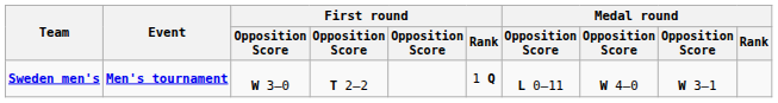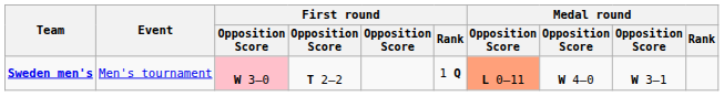 <table class="wikitable" style="font-size:90%">
 <tr>
 <th rowspan=2>Team</th>
 <th rowspan=2>Event</th>
 <th colspan=4>First round</th>
 <th colspan=4>Medal round</th>
 </tr>
 <tr style="font-size:95%">
 <th>Opposition<br>Score</th>
 <th>Opposition<br>Score</th>
 <th>Opposition<br>Score</th>
 <th>Rank</th>
 <th>Opposition<br>Score</th>
 <th>Opposition<br>Score</th>
 <th>Opposition<br>Score</th>
 <th>Rank</th>
 </tr>
 <tr align=center>
 <td align=left><strong><a href='#'>Sweden men's</a></strong></td>
-<td align=left><strong><a href='#'>Men's tournament</a></strong></td>
-<td><br><strong>W</strong> 3–0</td>
+<td align=left><a href='#'>Men's tournament</a></td>
+<td style="background: pink;"><br><strong>W</strong> 3–0</td>
 <td><br><strong>T</strong> 2–2</td>
 <td></td>
 <td>1 <strong>Q</strong></td>
-<td><br><strong>L</strong> 0–11</td>
+<td style="background: lightsalmon;"><br><strong>L</strong> 0–11</td>
 <td><br><strong>W</strong> 4–0</td>
 <td><br><strong>W</strong> 3–1</td>
 <td></td>
 </tr>
 </table>
